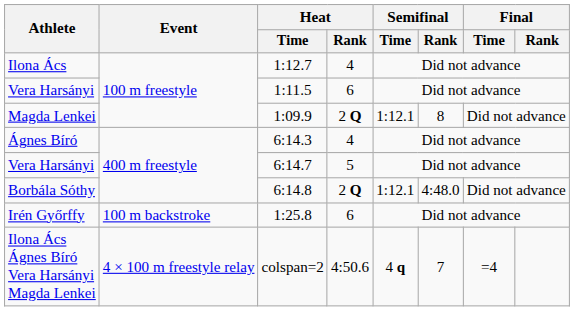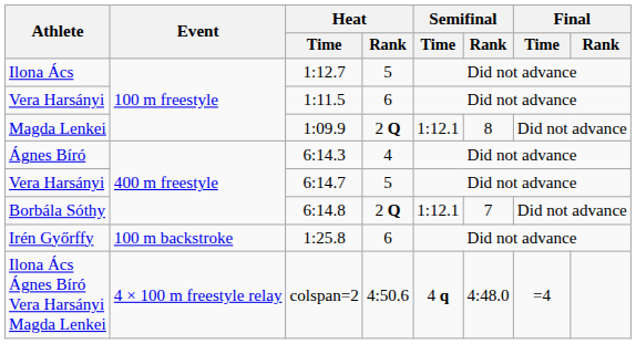 <table class=wikitable style="font-size:90%;">
 <tr>
 <th rowspan=2>Athlete</th>
 <th rowspan=2>Event</th>
 <th colspan=2>Heat</th>
 <th colspan=2>Semifinal</th>
 <th colspan=2>Final</th>
 </tr>
 <tr style="font-size:95%">
 <th>Time</th>
 <th>Rank</th>
 <th>Time</th>
 <th>Rank</th>
 <th>Time</th>
 <th>Rank</th>
 </tr>
 <tr align=center>
 <td align=left><a href='#'>Ilona Ács</a></td>
 <td rowspan=3 align=left><a href='#'>100 m freestyle</a></td>
 <td>1:12.7</td>
-<td>4</td>
+<td>5</td>
 <td colspan=4>Did not advance</td>
 </tr>
 <tr align=center>
 <td align=left><a href='#'>Vera Harsányi</a></td>
 <td>1:11.5</td>
 <td>6</td>
 <td colspan=4>Did not advance</td>
 </tr>
 <tr align=center>
 <td align=left><a href='#'>Magda Lenkei</a></td>
 <td>1:09.9</td>
 <td>2 <strong>Q</strong></td>
 <td>1:12.1</td>
 <td>8</td>
 <td colspan=4>Did not advance</td>
 </tr>
 <tr align=center>
 <td align=left><a href='#'>Ágnes Bíró</a></td>
 <td rowspan=3 align=left><a href='#'>400 m freestyle</a></td>
 <td>6:14.3</td>
 <td>4</td>
 <td colspan=4>Did not advance</td>
 </tr>
 <tr align=center>
 <td align=left><a href='#'>Vera Harsányi</a></td>
 <td>6:14.7</td>
 <td>5</td>
 <td colspan=4>Did not advance</td>
 </tr>
 <tr align=center>
 <td align=left><a href='#'>Borbála Sóthy</a></td>
 <td>6:14.8</td>
 <td>2 <strong>Q</strong></td>
 <td>1:12.1</td>
-<td>4:48.0</td>
+<td>7</td>
 <td colspan=2>Did not advance</td>
 </tr>
 <tr align=center>
 <td align=left><a href='#'>Irén Győrffy</a></td>
 <td align=left><a href='#'>100 m backstroke</a></td>
 <td>1:25.8</td>
 <td>6</td>
 <td colspan=4>Did not advance</td>
 </tr>
 <tr align=center>
 <td align=left><a href='#'>Ilona Ács</a><br><a href='#'>Ágnes Bíró</a><br><a href='#'>Vera Harsányi</a><br><a href='#'>Magda Lenkei</a></td>
 <td align=left><a href='#'>4 × 100 m freestyle relay</a></td>
 <td>colspan=2 </td>
 <td>4:50.6</td>
 <td>4 <strong>q</strong></td>
-<td>7</td>
+<td>4:48.0</td>
 <td>=4</td>
 </tr>
 </table>
